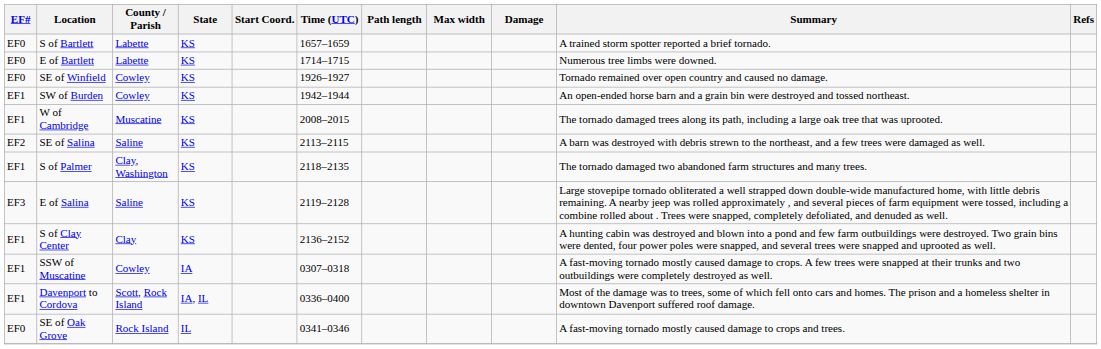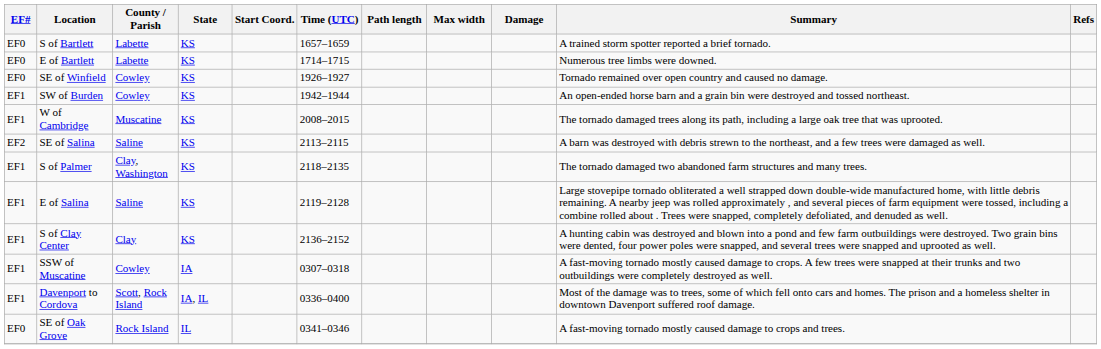 <table class="wikitable sortable" style="width:100%;">
 <tr>
 <th scope="col"  style="width:3%; text-align:center;"><a href='#'>EF#</a></th>
 <th scope="col"  style="width:7%; text-align:center;" class="unsortable">Location</th>
 <th scope="col"  style="width:6%; text-align:center;" class="unsortable">County / Parish</th>
 <th scope="col"  style="width:5%; text-align:center;">State</th>
 <th scope="col"  style="width:6%; text-align:center;">Start Coord.</th>
 <th scope="col"  style="width:6%; text-align:center;">Time (<a href='#'>UTC</a>)</th>
 <th scope="col"  style="width:6%; text-align:center;">Path length</th>
 <th scope="col"  style="width:6%; text-align:center;">Max width</th>
 <th scope="col"  style="width:6%; text-align:center;">Damage</th>
 <th scope="col" class="unsortable" style="width:48%; text-align:center;">Summary</th>
 <th scope="col" class="unsortable" style="width:48%; text-align:center;">Refs</th>
 </tr>
 <tr>
 <td>EF0</td>
 <td>S of <a href='#'>Bartlett</a></td>
 <td><a href='#'>Labette</a></td>
 <td><a href='#'>KS</a></td>
 <td></td>
 <td>1657–1659</td>
 <td></td>
 <td></td>
 <td></td>
 <td>A trained storm spotter reported a brief tornado.</td>
 <td></td>
 </tr>
 <tr>
 <td>EF0</td>
 <td>E of <a href='#'>Bartlett</a></td>
 <td><a href='#'>Labette</a></td>
 <td><a href='#'>KS</a></td>
 <td></td>
 <td>1714–1715</td>
 <td></td>
 <td></td>
 <td></td>
 <td>Numerous tree limbs were downed.</td>
 <td></td>
 </tr>
 <tr>
 <td>EF0</td>
 <td>SE of <a href='#'>Winfield</a></td>
 <td><a href='#'>Cowley</a></td>
 <td><a href='#'>KS</a></td>
 <td></td>
 <td>1926–1927</td>
 <td></td>
 <td></td>
 <td></td>
 <td>Tornado remained over open country and caused no damage.</td>
 <td></td>
 </tr>
 <tr>
 <td>EF1</td>
 <td>SW of <a href='#'>Burden</a></td>
 <td><a href='#'>Cowley</a></td>
 <td><a href='#'>KS</a></td>
 <td></td>
 <td>1942–1944</td>
 <td></td>
 <td></td>
 <td></td>
 <td>An open-ended horse barn and a grain bin were destroyed and tossed northeast.</td>
 <td></td>
 </tr>
 <tr>
 <td>EF1</td>
 <td>W of <a href='#'>Cambridge</a></td>
 <td><a href='#'>Muscatine</a></td>
 <td><a href='#'>KS</a></td>
 <td></td>
 <td>2008–2015</td>
 <td></td>
 <td></td>
 <td></td>
 <td>The tornado damaged trees along its path, including a large oak tree that was uprooted.</td>
 <td></td>
 </tr>
 <tr>
 <td>EF2</td>
 <td>SE of <a href='#'>Salina</a></td>
 <td><a href='#'>Saline</a></td>
 <td><a href='#'>KS</a></td>
 <td></td>
 <td>2113–2115</td>
 <td></td>
 <td></td>
 <td></td>
 <td>A barn was destroyed with debris strewn to the northeast, and a few trees were damaged as well.</td>
 <td></td>
 </tr>
 <tr>
 <td>EF1</td>
 <td>S of <a href='#'>Palmer</a></td>
 <td><a href='#'>Clay</a>, <a href='#'>Washington</a></td>
 <td><a href='#'>KS</a></td>
 <td></td>
 <td>2118–2135</td>
 <td></td>
 <td></td>
 <td></td>
 <td>The tornado damaged two abandoned farm structures and many trees.</td>
 <td></td>
 </tr>
 <tr>
-<td>EF3</td>
+<td>EF1</td>
 <td>E of <a href='#'>Salina</a></td>
 <td><a href='#'>Saline</a></td>
 <td><a href='#'>KS</a></td>
 <td></td>
 <td>2119–2128</td>
 <td></td>
 <td></td>
 <td></td>
 <td>Large stovepipe tornado obliterated a well strapped down double-wide manufactured home, with little debris remaining. A nearby jeep was rolled approximately , and several pieces of farm equipment were tossed, including a combine rolled about . Trees were snapped, completely defoliated, and denuded as well.</td>
 <td></td>
 </tr>
 <tr>
 <td>EF1</td>
 <td>S of <a href='#'>Clay Center</a></td>
 <td><a href='#'>Clay</a></td>
 <td><a href='#'>KS</a></td>
 <td></td>
 <td>2136–2152</td>
 <td></td>
 <td></td>
 <td></td>
 <td>A hunting cabin was destroyed and blown into a pond and few farm outbuildings were destroyed. Two grain bins were dented, four power poles were snapped, and several trees were snapped and uprooted as well.</td>
 <td></td>
 </tr>
 <tr>
 <td>EF1</td>
 <td>SSW of <a href='#'>Muscatine</a></td>
 <td><a href='#'>Cowley</a></td>
 <td><a href='#'>IA</a></td>
 <td></td>
 <td>0307–0318</td>
 <td></td>
 <td></td>
 <td></td>
 <td>A fast-moving tornado mostly caused damage to crops. A few trees were snapped at their trunks and two outbuildings were completely destroyed as well.</td>
 <td></td>
 </tr>
 <tr>
 <td>EF1</td>
 <td><a href='#'>Davenport</a> to <a href='#'>Cordova</a></td>
 <td><a href='#'>Scott</a>, <a href='#'>Rock Island</a></td>
 <td><a href='#'>IA</a>, <a href='#'>IL</a></td>
 <td></td>
 <td>0336–0400</td>
 <td></td>
 <td></td>
 <td></td>
 <td>Most of the damage was to trees, some of which fell onto cars and homes. The prison and a homeless shelter in downtown Davenport suffered roof damage.</td>
 <td></td>
 </tr>
 <tr>
 <td>EF0</td>
 <td>SE of <a href='#'>Oak Grove</a></td>
 <td><a href='#'>Rock Island</a></td>
 <td><a href='#'>IL</a></td>
 <td></td>
 <td>0341–0346</td>
 <td></td>
 <td></td>
 <td></td>
 <td>A fast-moving tornado mostly caused damage to crops and trees.</td>
 <td></td>
 </tr>
 <tr>
 </tr>
 </table>
